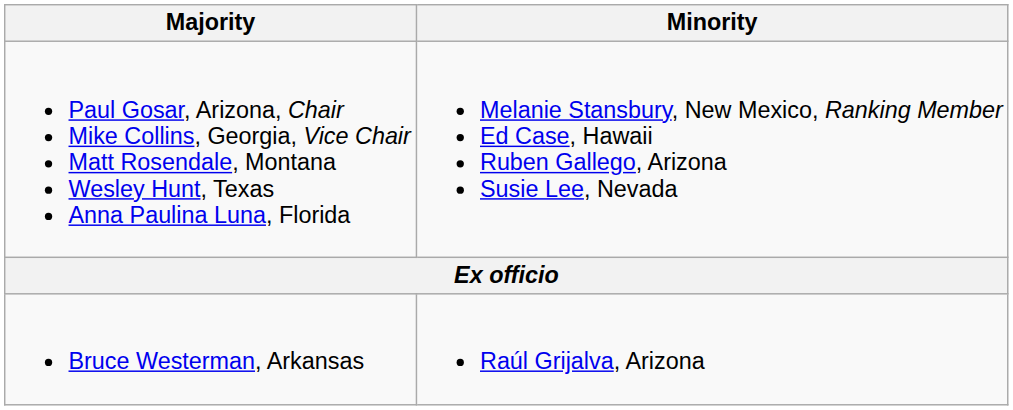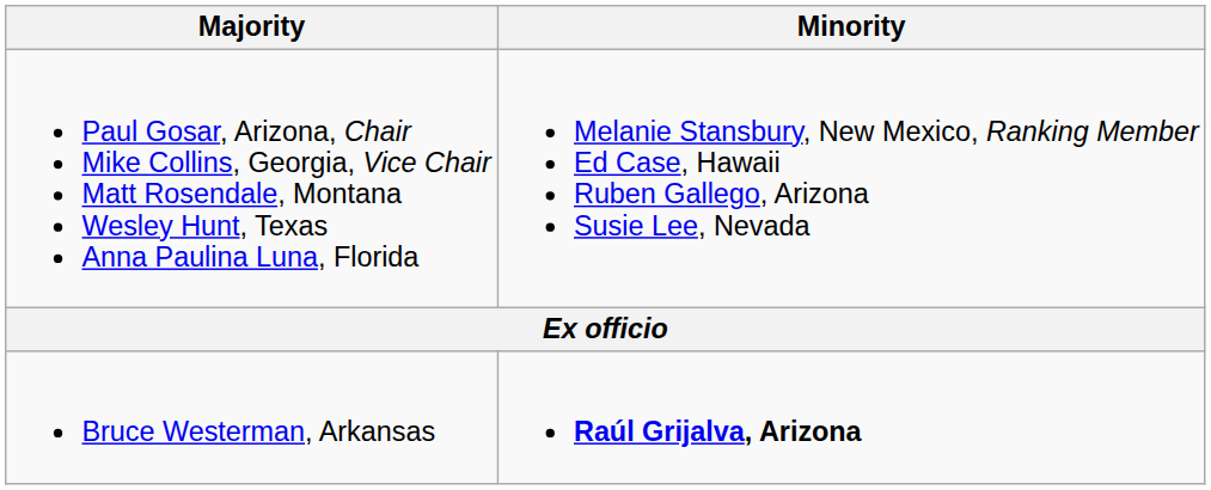 <table class=wikitable>
 <tr>
 <th>Majority</th>
 <th>Minority</th>
 </tr>
 <tr valign=top>
 <td><br><ul><li><a href='#'>Paul Gosar</a>, Arizona, <em>Chair</em></li><li><a href='#'>Mike Collins</a>, Georgia, <em>Vice Chair</em></li><li><a href='#'>Matt Rosendale</a>, Montana</li><li><a href='#'>Wesley Hunt</a>, Texas</li><li><a href='#'>Anna Paulina Luna</a>, Florida</li></ul></td>
 <td><br><ul><li><a href='#'>Melanie Stansbury</a>, New Mexico, <em>Ranking Member</em></li><li><a href='#'>Ed Case</a>, Hawaii</li><li><a href='#'>Ruben Gallego</a>, Arizona</li><li><a href='#'>Susie Lee</a>, Nevada</li></ul></td>
 </tr>
 <tr>
 <th colspan=2><em>Ex officio</em></th>
 </tr>
 <tr>
 <td><br><ul><li><a href='#'>Bruce Westerman</a>, Arkansas</li></ul></td>
-<td><br><ul><li><a href='#'>Raúl Grijalva</a>, Arizona</li></ul></td>
+<td><strong><br><ul><li><a href='#'>Raúl Grijalva</a>, Arizona</li></ul></strong></td>
 </tr>
 </table>
